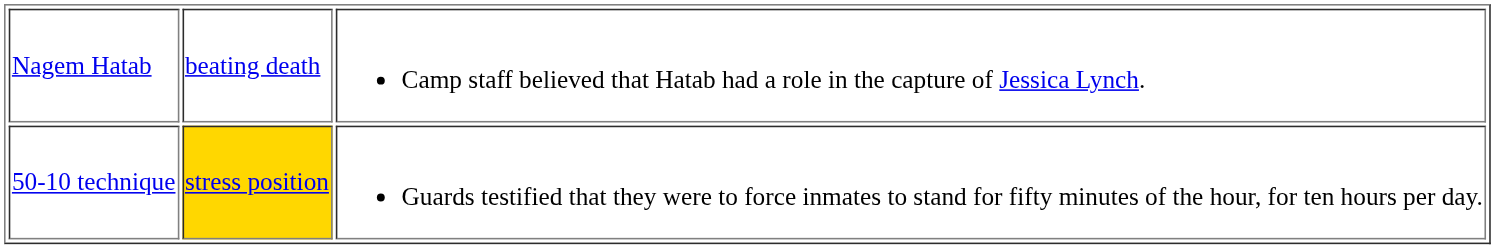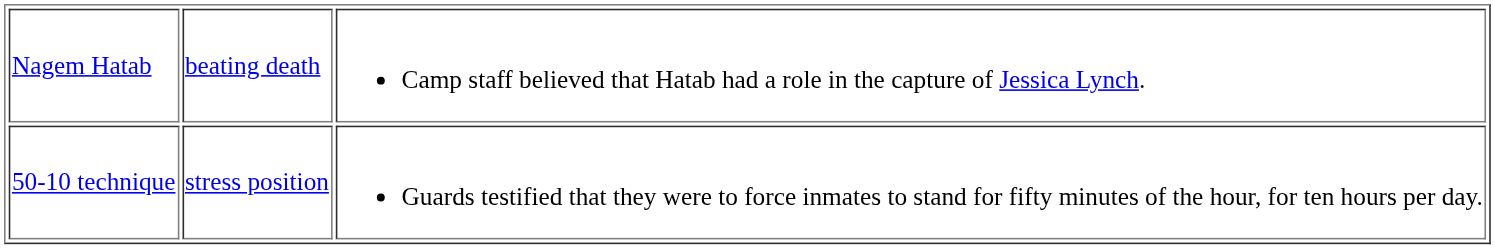 <table border="1">
 <tr>
 <td><a href='#'>Nagem Hatab</a></td>
 <td><a href='#'>beating death</a></td>
 <td><br><ul><li>Camp staff believed that Hatab had a role in the capture of <a href='#'>Jessica Lynch</a>.</li></ul></td>
 </tr>
 <tr>
 <td><a href='#'>50-10 technique</a></td>
-<td style="background: gold;"><a href='#'>stress position</a></td>
+<td><a href='#'>stress position</a></td>
 <td><br><ul><li>Guards testified that they were to force inmates to stand for fifty minutes of the hour, for ten hours per day.</li></ul></td>
 </tr>
 </table>
